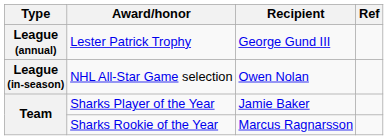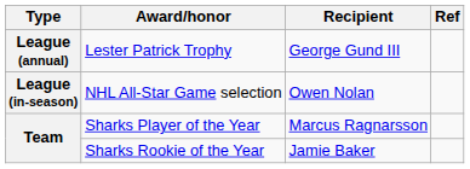 <table class="wikitable">
 <tr>
 <th scope="col">Type</th>
 <th scope="col">Award/honor</th>
 <th scope="col">Recipient</th>
 <th scope="col">Ref</th>
 </tr>
 <tr>
 <th scope="row">League<br><small>(annual)</small></th>
 <td><a href='#'>Lester Patrick Trophy</a></td>
 <td><a href='#'>George Gund III</a></td>
 <td></td>
 </tr>
 <tr>
 <th scope="row">League<br><small>(in-season)</small></th>
 <td><a href='#'>NHL All-Star Game</a> selection</td>
 <td><a href='#'>Owen Nolan</a></td>
 <td></td>
 </tr>
 <tr>
 <th scope="row" rowspan="2">Team</th>
 <td><a href='#'>Sharks Player of the Year</a></td>
-<td><a href='#'>Jamie Baker</a></td>
+<td><a href='#'>Marcus Ragnarsson</a></td>
 <td></td>
 </tr>
 <tr>
 <td><a href='#'>Sharks Rookie of the Year</a></td>
-<td><a href='#'>Marcus Ragnarsson</a></td>
+<td><a href='#'>Jamie Baker</a></td>
 <td></td>
 </tr>
 </table>
